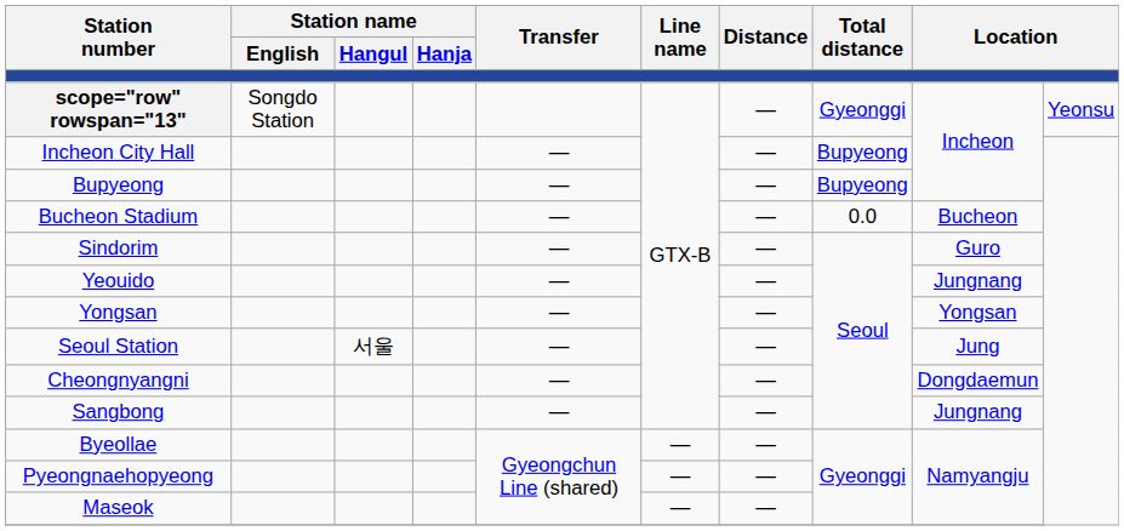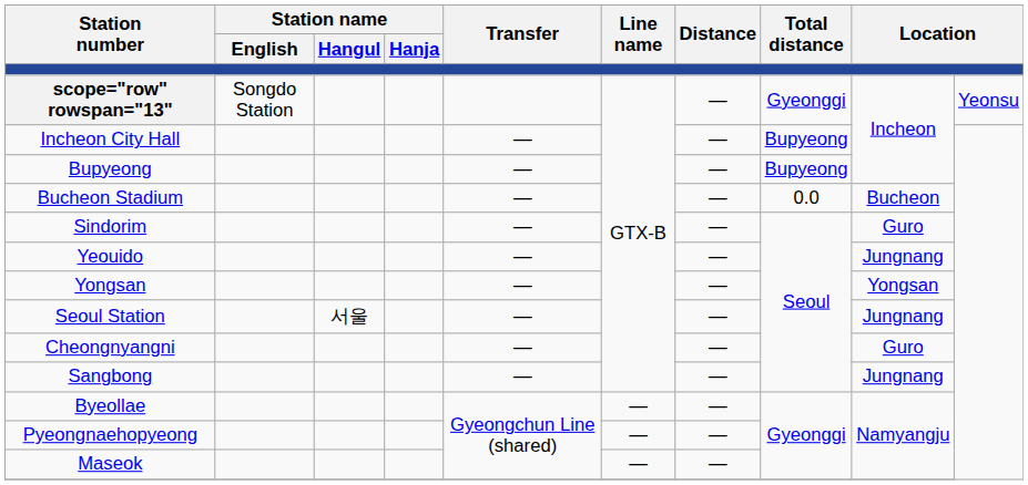 <table class="wikitable plainrowheaders" style="text-align:center; width:100%">
 <tr>
 <th rowspan="2">Station<br>number</th>
 <th colspan="3">Station name</th>
 <th rowspan="2">Transfer</th>
 <th rowspan="2">Line name</th>
 <th rowspan="2">Distance</th>
 <th rowspan="2">Total<br>distance</th>
 <th rowspan="2" colspan="2">Location</th>
 </tr>
 <tr>
 <th>English</th>
 <th><a href='#'>Hangul</a></th>
 <th><a href='#'>Hanja</a></th>
 </tr>
 <tr>
 <td colspan="10" style="background:#234699; height:2pt"></td>
 </tr>
 <tr>
 <th>scope="row" rowspan="13" </th>
 <td>Songdo Station</td>
 <td></td>
 <td></td>
 <td style="text-align:left"></td>
 <td rowspan="10">GTX-B</td>
 <td>—</td>
 <td><a href='#'>Gyeonggi</a></td>
 <td rowspan="3"><a href='#'>Incheon</a></td>
 <td><a href='#'>Yeonsu</a></td>
 </tr>
 <tr>
 <td><a href='#'>Incheon City Hall</a></td>
 <td></td>
 <td></td>
 <td style="text-align:left"></td>
 <td>—</td>
 <td>—</td>
 <td><a href='#'>Bupyeong</a></td>
 </tr>
 <tr>
 <td><a href='#'>Bupyeong</a></td>
 <td></td>
 <td></td>
 <td style="text-align:left"></td>
 <td>—</td>
 <td>—</td>
 <td><a href='#'>Bupyeong</a></td>
 </tr>
 <tr>
 <td><a href='#'>Bucheon Stadium</a></td>
 <td></td>
 <td></td>
 <td style="text-align:left"></td>
 <td>—</td>
 <td>—</td>
 <td>0.0</td>
 <td><a href='#'>Bucheon</a></td>
 </tr>
 <tr>
 <td><a href='#'>Sindorim</a></td>
 <td></td>
 <td></td>
 <td style="text-align:left"></td>
 <td>—</td>
 <td>—</td>
 <td rowspan="6"><a href='#'>Seoul</a></td>
 <td><a href='#'>Guro</a></td>
 </tr>
 <tr>
 <td><a href='#'>Yeouido</a></td>
 <td></td>
 <td></td>
 <td style="text-align:left"></td>
 <td>—</td>
 <td>—</td>
 <td><a href='#'>Jungnang</a></td>
 </tr>
 <tr>
 <td><a href='#'>Yongsan</a></td>
 <td></td>
 <td></td>
 <td style="text-align:left"></td>
 <td>—</td>
 <td>—</td>
 <td><a href='#'>Yongsan</a></td>
 </tr>
 <tr>
 <td><a href='#'>Seoul Station</a></td>
 <td></td>
 <td>서울</td>
 <td style="text-align:left"></td>
 <td>—</td>
 <td>—</td>
-<td><a href='#'>Jung</a></td>
+<td><a href='#'>Jungnang</a></td>
 </tr>
 <tr>
 <td><a href='#'>Cheongnyangni</a></td>
 <td></td>
 <td></td>
 <td style="text-align:left"></td>
 <td>—</td>
 <td>—</td>
-<td><a href='#'>Dongdaemun</a></td>
+<td><a href='#'>Guro</a></td>
 </tr>
 <tr>
 <td><a href='#'>Sangbong</a></td>
 <td></td>
 <td></td>
 <td style="text-align:left"></td>
 <td>—</td>
 <td>—</td>
 <td><a href='#'>Jungnang</a></td>
 </tr>
 <tr>
 <td><a href='#'>Byeollae</a></td>
 <td></td>
 <td></td>
 <td style="text-align:left"></td>
 <td rowspan="3"><a href='#'>Gyeongchun Line</a> (shared)</td>
 <td>—</td>
 <td>—</td>
 <td rowspan="3"><a href='#'>Gyeonggi</a></td>
 <td rowspan="3"><a href='#'>Namyangju</a></td>
 </tr>
 <tr>
 <td><a href='#'>Pyeongnaehopyeong</a></td>
 <td></td>
 <td></td>
 <td style="text-align:left"></td>
 <td>—</td>
 <td>—</td>
 </tr>
 <tr>
 <td><a href='#'>Maseok</a></td>
 <td></td>
 <td></td>
 <td style="text-align:left"></td>
 <td>—</td>
 <td>—</td>
 </tr>
 <tr>
 </tr>
 </table>
